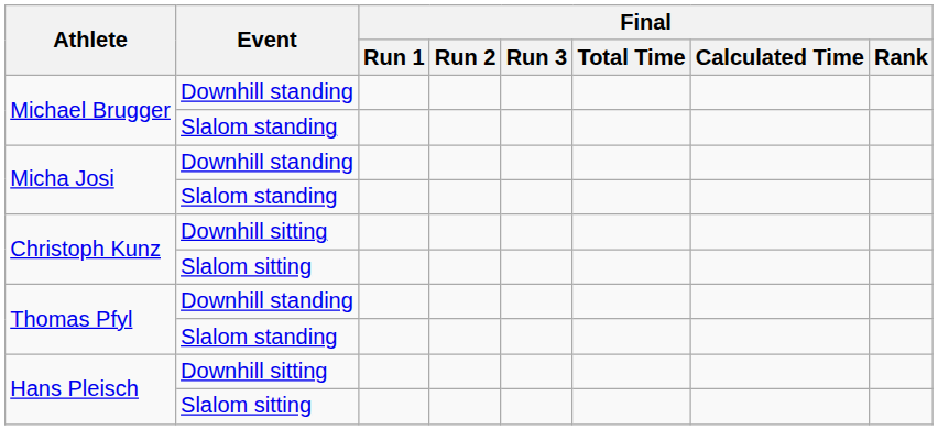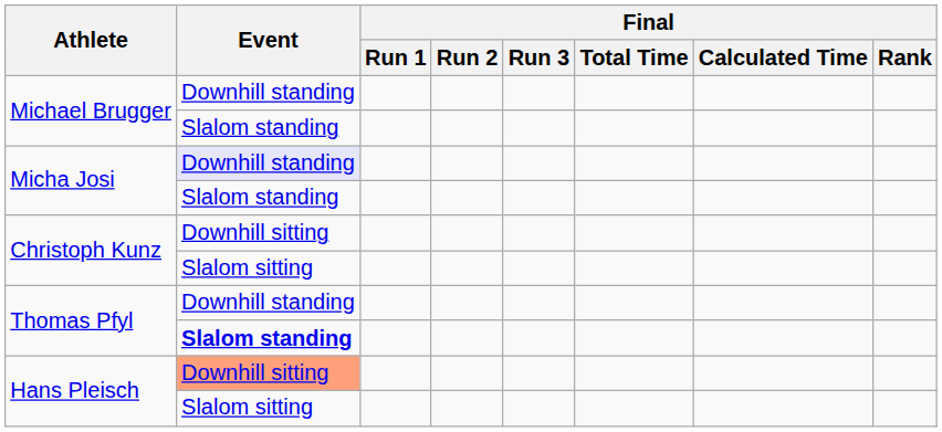 <table class="wikitable" style="font-size:100%">
 <tr>
 <th rowspan="2">Athlete</th>
 <th rowspan="2">Event</th>
 <th colspan="6">Final</th>
 </tr>
 <tr>
 <th>Run 1</th>
 <th>Run 2</th>
 <th>Run 3</th>
 <th>Total Time</th>
 <th>Calculated Time</th>
 <th>Rank</th>
 </tr>
 <tr>
 <td rowspan=2><a href='#'>Michael Brugger</a></td>
 <td><a href='#'>Downhill standing</a></td>
 <td align="center"></td>
 <td align="center"></td>
 <td align="center"></td>
 <td align="center"></td>
 <td align="center"></td>
 <td align="center"></td>
 </tr>
 <tr>
 <td><a href='#'>Slalom standing</a></td>
 <td align="center"></td>
 <td align="center"></td>
 <td align="center"></td>
 <td align="center"></td>
 <td align="center"></td>
 <td align="center"></td>
 </tr>
 <tr>
 <td rowspan=2><a href='#'>Micha Josi</a></td>
-<td><a href='#'>Downhill standing</a></td>
+<td style="background: lavender;"><a href='#'>Downhill standing</a></td>
 <td align="center"></td>
 <td align="center"></td>
 <td align="center"></td>
 <td align="center"></td>
 <td align="center"></td>
 <td align="center"></td>
 </tr>
 <tr>
 <td><a href='#'>Slalom standing</a></td>
 <td align="center"></td>
 <td align="center"></td>
 <td align="center"></td>
 <td align="center"></td>
 <td align="center"></td>
 <td align="center"></td>
 </tr>
 <tr>
 <td rowspan=2><a href='#'>Christoph Kunz</a></td>
 <td><a href='#'>Downhill sitting</a></td>
 <td align="center"></td>
 <td align="center"></td>
 <td align="center"></td>
 <td align="center"></td>
 <td align="center"></td>
 <td align="center"></td>
 </tr>
 <tr>
 <td><a href='#'>Slalom sitting</a></td>
 <td align="center"></td>
 <td align="center"></td>
 <td align="center"></td>
 <td align="center"></td>
 <td align="center"></td>
 <td align="center"></td>
 </tr>
 <tr>
 <td rowspan=2><a href='#'>Thomas Pfyl</a></td>
 <td><a href='#'>Downhill standing</a></td>
 <td align="center"></td>
 <td align="center"></td>
 <td align="center"></td>
 <td align="center"></td>
 <td align="center"></td>
 <td align="center"></td>
 </tr>
 <tr>
-<td><a href='#'>Slalom standing</a></td>
+<td><strong><a href='#'>Slalom standing</a></strong></td>
 <td align="center"></td>
 <td align="center"></td>
 <td align="center"></td>
 <td align="center"></td>
 <td align="center"></td>
 <td align="center"></td>
 </tr>
 <tr>
 <td rowspan=2><a href='#'>Hans Pleisch</a></td>
-<td><a href='#'>Downhill sitting</a></td>
+<td style="background: lightsalmon;"><a href='#'>Downhill sitting</a></td>
 <td align="center"></td>
 <td align="center"></td>
 <td align="center"></td>
 <td align="center"></td>
 <td align="center"></td>
 <td align="center"></td>
 </tr>
 <tr>
 <td><a href='#'>Slalom sitting</a></td>
 <td align="center"></td>
 <td align="center"></td>
 <td align="center"></td>
 <td align="center"></td>
 <td align="center"></td>
 <td align="center"></td>
 </tr>
 </table>
